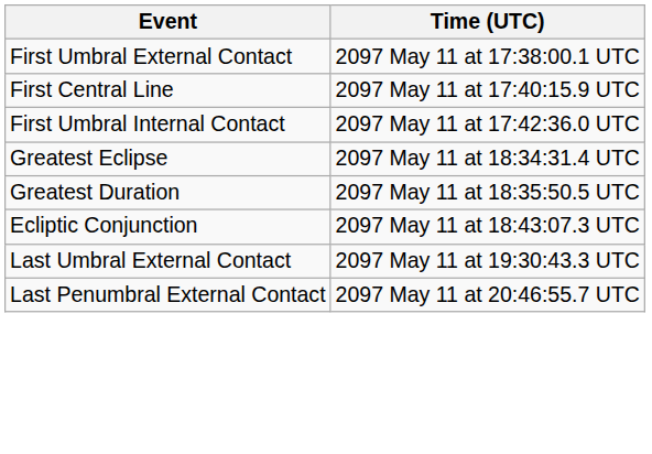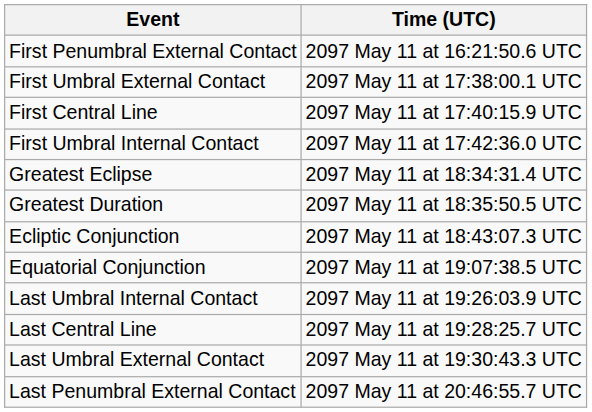 <table class="wikitable">
 <tr>
 <th>Event</th>
 <th>Time (UTC)</th>
+</tr>
+<tr>
+<td>First Penumbral External Contact</td>
+<td>2097 May 11 at 16:21:50.6 UTC</td>
 </tr>
 <tr>
 <td>First Umbral External Contact</td>
 <td>2097 May 11 at 17:38:00.1 UTC</td>
 </tr>
 <tr>
 <td>First Central Line</td>
 <td>2097 May 11 at 17:40:15.9 UTC</td>
 </tr>
 <tr>
 <td>First Umbral Internal Contact</td>
 <td>2097 May 11 at 17:42:36.0 UTC</td>
 </tr>
 <tr>
 <td>Greatest Eclipse</td>
 <td>2097 May 11 at 18:34:31.4 UTC</td>
 </tr>
 <tr>
 <td>Greatest Duration</td>
 <td>2097 May 11 at 18:35:50.5 UTC</td>
 </tr>
 <tr>
 <td>Ecliptic Conjunction</td>
 <td>2097 May 11 at 18:43:07.3 UTC</td>
 </tr>
 <tr>
+<td>Equatorial Conjunction</td>
+<td>2097 May 11 at 19:07:38.5 UTC</td>
+</tr>
+<tr>
+<td>Last Umbral Internal Contact</td>
+<td>2097 May 11 at 19:26:03.9 UTC</td>
+</tr>
+<tr>
+<td>Last Central Line</td>
+<td>2097 May 11 at 19:28:25.7 UTC</td>
+</tr>
+<tr>
 <td>Last Umbral External Contact</td>
 <td>2097 May 11 at 19:30:43.3 UTC</td>
 </tr>
 <tr>
 <td>Last Penumbral External Contact</td>
 <td>2097 May 11 at 20:46:55.7 UTC</td>
 </tr>
 </table>
